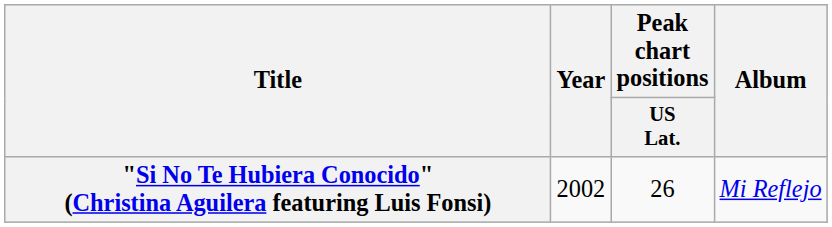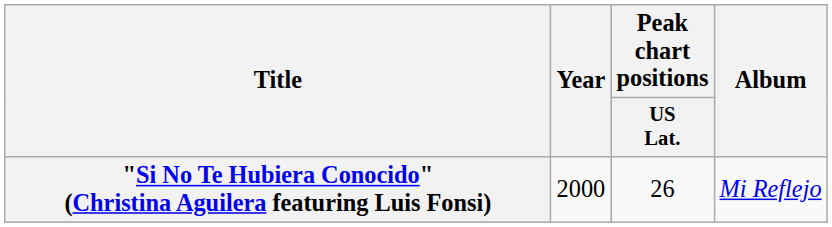 <table class="wikitable plainrowheaders" style="text-align:center;">
 <tr>
 <th scope="col" rowspan="2" style="width:22em;">Title</th>
 <th scope="col" rowspan="2" style="width:1em;">Year</th>
 <th colspan="1" scope="col">Peak chart positions</th>
 <th scope="col" rowspan="2">Album</th>
 </tr>
 <tr>
 <th scope="col" style="width:3em;font-size:85%;">US<br>Lat.<br></th>
 </tr>
 <tr>
 <th scope="row">"<a href='#'>Si No Te Hubiera Conocido</a>"<br><span>(<a href='#'>Christina Aguilera</a> featuring Luis Fonsi)</span></th>
-<td>2002</td>
+<td>2000</td>
 <td>26</td>
 <td><em><a href='#'>Mi Reflejo</a></em></td>
 </tr>
 </table>
